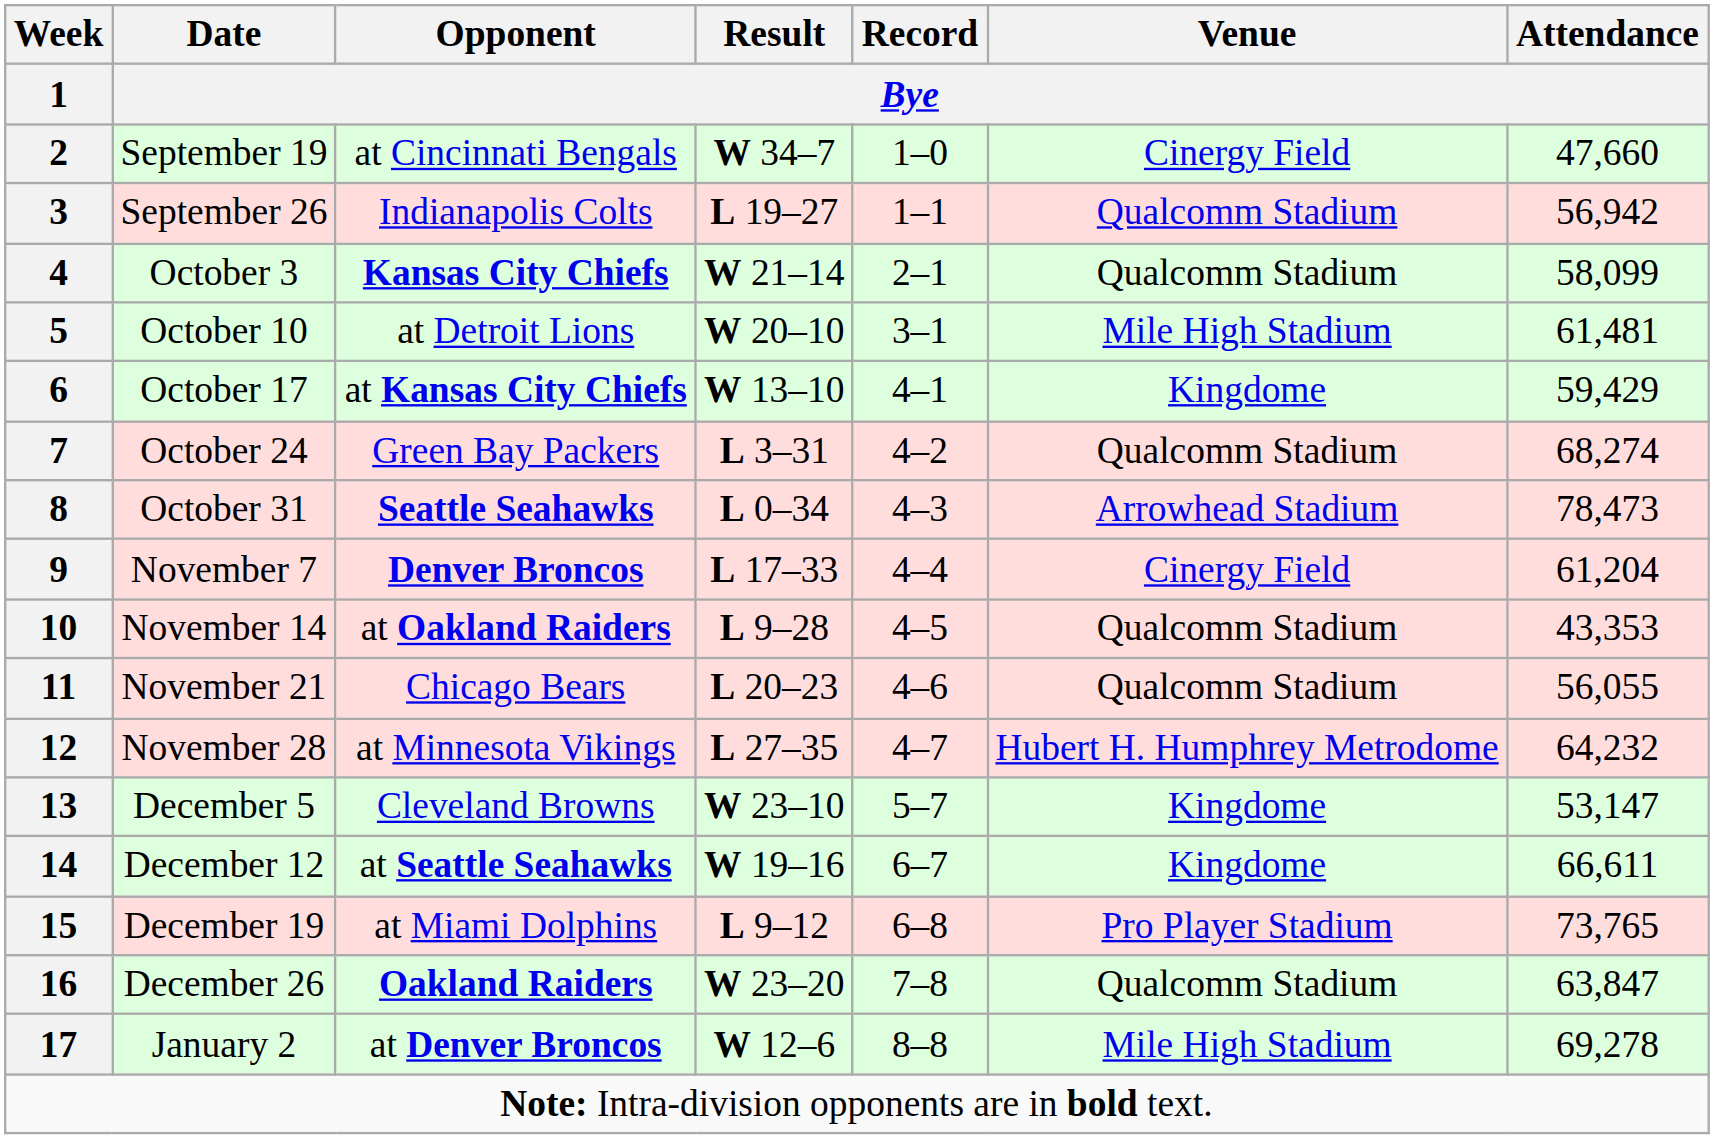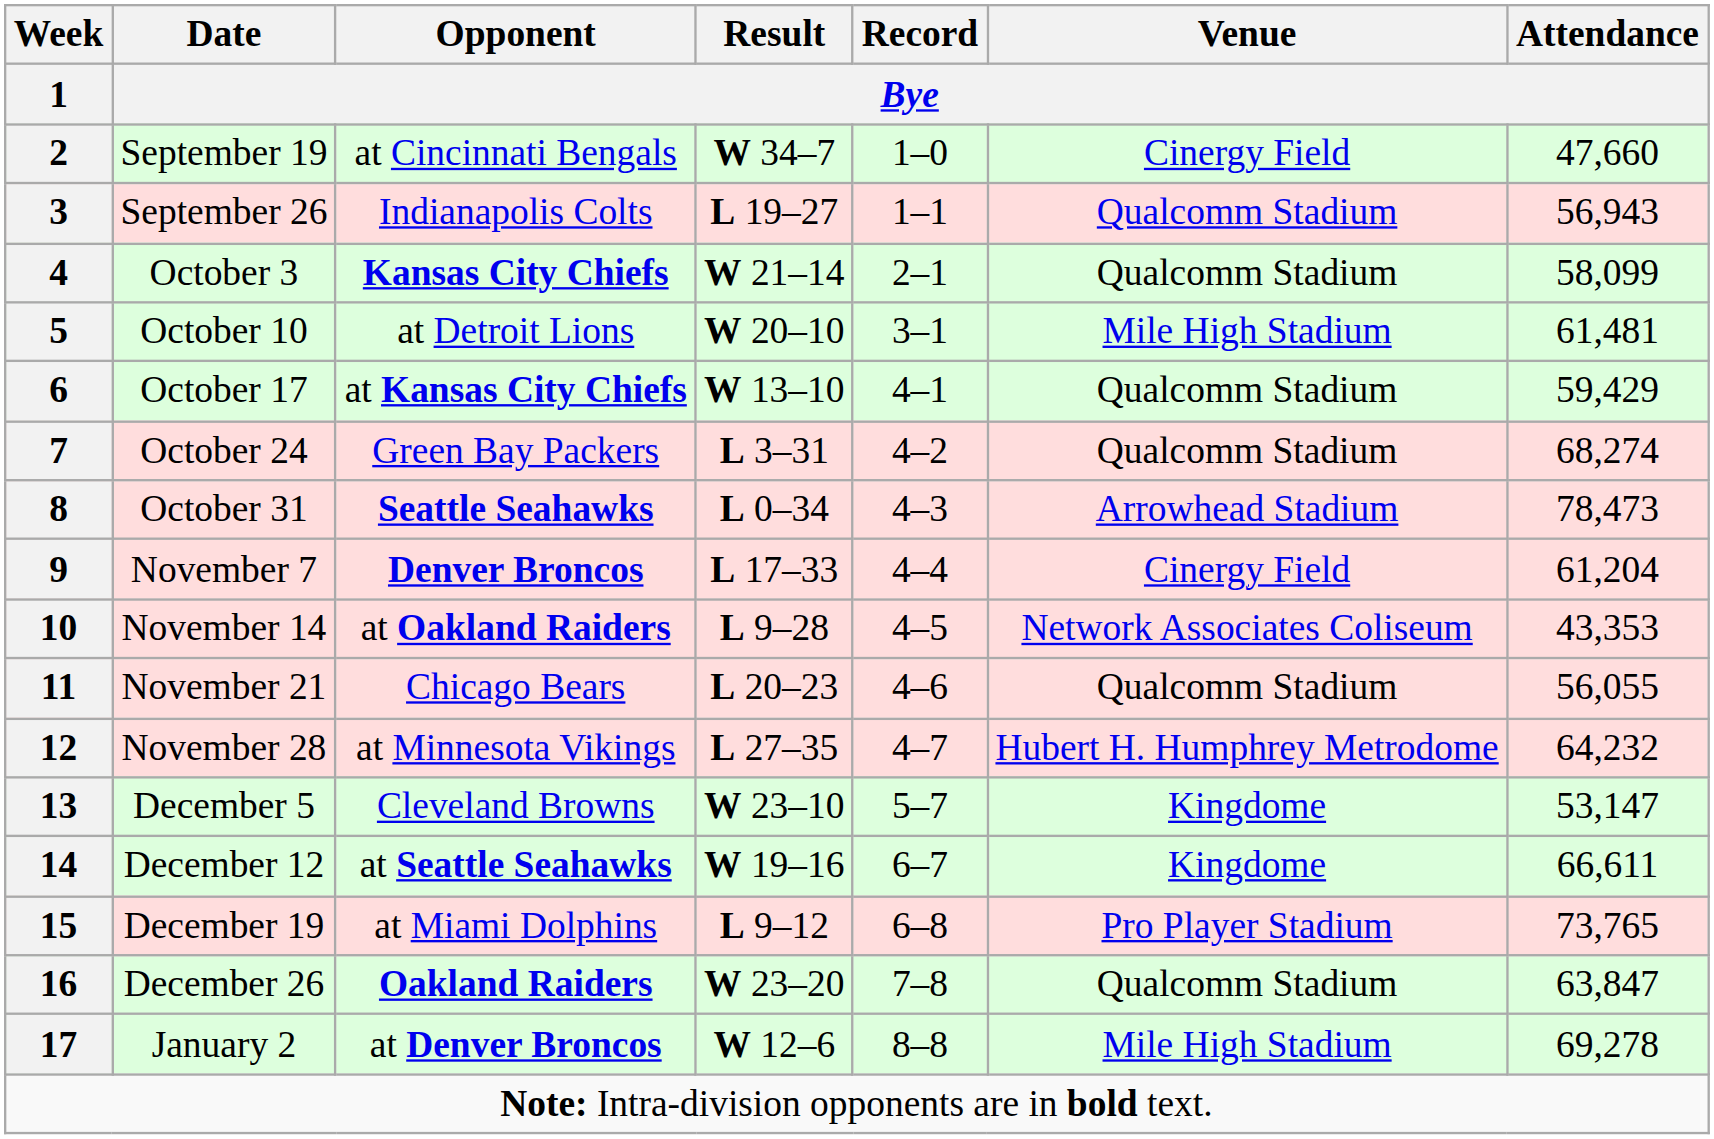 <table class="wikitable" style="text-align:center">
 <tr>
 <th>Week</th>
 <th>Date</th>
 <th>Opponent</th>
 <th>Result</th>
 <th>Record</th>
 <th>Venue</th>
 <th>Attendance</th>
 </tr>
 <tr>
 <th>1</th>
 <th colspan="7"><em><a href='#'>Bye</a></em></th>
 </tr>
 <tr style="background:#ddffdd">
 <th>2</th>
 <td>September 19</td>
 <td>at <a href='#'>Cincinnati Bengals</a></td>
 <td><strong>W</strong> 34–7</td>
 <td>1–0</td>
 <td><a href='#'>Cinergy Field</a></td>
 <td>47,660</td>
 </tr>
 <tr style="background:#ffdddd">
 <th>3</th>
 <td>September 26</td>
 <td><a href='#'>Indianapolis Colts</a></td>
 <td><strong>L</strong> 19–27</td>
 <td>1–1</td>
 <td><a href='#'>Qualcomm Stadium</a></td>
-<td>56,942</td>
+<td>56,943</td>
 </tr>
 <tr style="background:#ddffdd">
 <th>4</th>
 <td>October 3</td>
 <td><strong><a href='#'>Kansas City Chiefs</a></strong></td>
 <td><strong>W</strong> 21–14</td>
 <td>2–1</td>
 <td>Qualcomm Stadium</td>
 <td>58,099</td>
 </tr>
 <tr style="background:#ddffdd">
 <th>5</th>
 <td>October 10</td>
 <td>at <a href='#'>Detroit Lions</a></td>
 <td><strong>W</strong> 20–10</td>
 <td>3–1</td>
 <td><a href='#'>Mile High Stadium</a></td>
 <td>61,481</td>
 </tr>
 <tr style="background:#ddffdd">
 <th>6</th>
 <td>October 17</td>
 <td>at <strong><a href='#'>Kansas City Chiefs</a></strong></td>
 <td><strong>W</strong> 13–10</td>
 <td>4–1</td>
-<td><a href='#'>Kingdome</a></td>
+<td>Qualcomm Stadium</td>
 <td>59,429</td>
 </tr>
 <tr style="background:#ffdddd">
 <th>7</th>
 <td>October 24</td>
 <td><a href='#'>Green Bay Packers</a></td>
 <td><strong>L</strong> 3–31</td>
 <td>4–2</td>
 <td>Qualcomm Stadium</td>
 <td>68,274</td>
 </tr>
 <tr style="background:#ffdddd">
 <th>8</th>
 <td>October 31</td>
 <td><strong><a href='#'>Seattle Seahawks</a></strong></td>
 <td><strong>L</strong> 0–34</td>
 <td>4–3</td>
 <td><a href='#'>Arrowhead Stadium</a></td>
 <td>78,473</td>
 </tr>
 <tr style="background:#ffdddd">
 <th>9</th>
 <td>November 7</td>
 <td><strong><a href='#'>Denver Broncos</a></strong></td>
 <td><strong>L</strong> 17–33</td>
 <td>4–4</td>
 <td><a href='#'>Cinergy Field</a></td>
 <td>61,204</td>
 </tr>
 <tr style="background:#ffdddd">
 <th>10</th>
 <td>November 14</td>
 <td>at <strong><a href='#'>Oakland Raiders</a></strong></td>
 <td><strong>L</strong> 9–28</td>
 <td>4–5</td>
-<td>Qualcomm Stadium</td>
+<td><a href='#'>Network Associates Coliseum</a></td>
 <td>43,353</td>
 </tr>
 <tr style="background:#ffdddd">
 <th>11</th>
 <td>November 21</td>
 <td><a href='#'>Chicago Bears</a></td>
 <td><strong>L</strong> 20–23 </td>
 <td>4–6</td>
 <td>Qualcomm Stadium</td>
 <td>56,055</td>
 </tr>
 <tr style="background:#ffdddd">
 <th>12</th>
 <td>November 28</td>
 <td>at <a href='#'>Minnesota Vikings</a></td>
 <td><strong>L</strong> 27–35</td>
 <td>4–7</td>
 <td><a href='#'>Hubert H. Humphrey Metrodome</a></td>
 <td>64,232</td>
 </tr>
 <tr style="background:#ddffdd">
 <th>13</th>
 <td>December 5</td>
 <td><a href='#'>Cleveland Browns</a></td>
 <td><strong>W</strong> 23–10</td>
 <td>5–7</td>
 <td><a href='#'>Kingdome</a></td>
 <td>53,147</td>
 </tr>
 <tr style="background:#ddffdd">
 <th>14</th>
 <td>December 12</td>
 <td>at <strong><a href='#'>Seattle Seahawks</a></strong></td>
 <td><strong>W</strong> 19–16</td>
 <td>6–7</td>
 <td><a href='#'>Kingdome</a></td>
 <td>66,611</td>
 </tr>
 <tr style="background:#ffdddd">
 <th>15</th>
 <td>December 19</td>
 <td>at <a href='#'>Miami Dolphins</a></td>
 <td><strong>L</strong> 9–12</td>
 <td>6–8</td>
 <td><a href='#'>Pro Player Stadium</a></td>
 <td>73,765</td>
 </tr>
 <tr style="background:#ddffdd">
 <th>16</th>
 <td>December 26</td>
 <td><strong><a href='#'>Oakland Raiders</a></strong></td>
 <td><strong>W</strong> 23–20</td>
 <td>7–8</td>
 <td>Qualcomm Stadium</td>
 <td>63,847</td>
 </tr>
 <tr style="background:#ddffdd">
 <th>17</th>
 <td>January 2</td>
 <td>at <strong><a href='#'>Denver Broncos</a></strong></td>
 <td><strong>W</strong> 12–6</td>
 <td>8–8</td>
 <td><a href='#'>Mile High Stadium</a></td>
 <td>69,278</td>
 </tr>
 <tr>
 <td colspan="7"><strong>Note:</strong> Intra-division opponents are in <strong>bold</strong> text.</td>
 </tr>
 </table>
